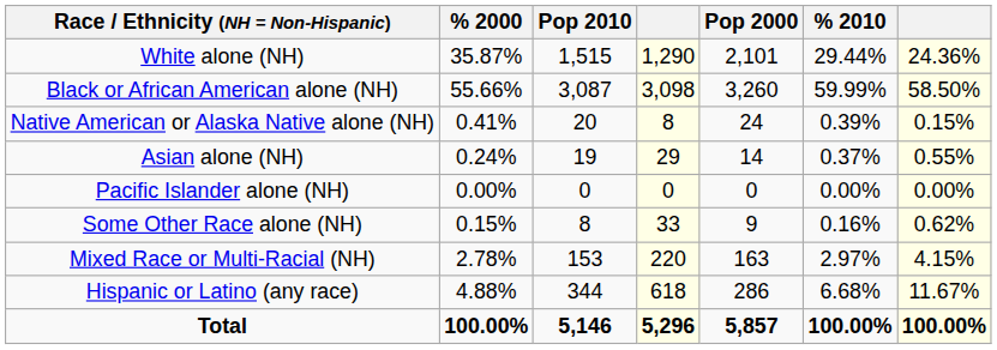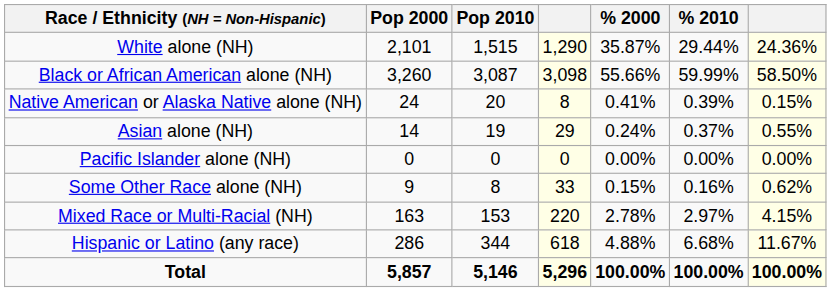 <table class="wikitable" style="text-align:center;">
 <tr>
 <th>Race / Ethnicity <small>(<em>NH = Non-Hispanic</em>)</small></th>
-<th>% 2000</th>
+<th>Pop 2000</th>
 <th>Pop 2010</th>
 <th></th>
-<th>Pop 2000</th>
+<th>% 2000</th>
 <th>% 2010</th>
 <th></th>
 </tr>
 <tr>
 <td><a href='#'>White</a> alone (NH)</td>
-<td>35.87%</td>
+<td>2,101</td>
 <td>1,515</td>
 <td style='background: #ffffe6;'>1,290</td>
-<td>2,101</td>
+<td>35.87%</td>
 <td>29.44%</td>
 <td style='background: #ffffe6;'>24.36%</td>
 </tr>
 <tr>
 <td><a href='#'>Black or African American</a> alone (NH)</td>
-<td>55.66%</td>
+<td>3,260</td>
 <td>3,087</td>
 <td style='background: #ffffe6;'>3,098</td>
-<td>3,260</td>
+<td>55.66%</td>
 <td>59.99%</td>
 <td style='background: #ffffe6;'>58.50%</td>
 </tr>
 <tr>
 <td><a href='#'>Native American</a> or <a href='#'>Alaska Native</a> alone (NH)</td>
-<td>0.41%</td>
+<td>24</td>
 <td>20</td>
 <td style='background: #ffffe6;'>8</td>
-<td>24</td>
+<td>0.41%</td>
 <td>0.39%</td>
 <td style='background: #ffffe6;'>0.15%</td>
 </tr>
 <tr>
 <td><a href='#'>Asian</a> alone (NH)</td>
-<td>0.24%</td>
+<td>14</td>
 <td>19</td>
 <td style='background: #ffffe6;'>29</td>
-<td>14</td>
+<td>0.24%</td>
 <td>0.37%</td>
 <td style='background: #ffffe6;'>0.55%</td>
 </tr>
 <tr>
 <td><a href='#'>Pacific Islander</a> alone (NH)</td>
-<td>0.00%</td>
+<td>0</td>
 <td>0</td>
 <td style='background: #ffffe6;'>0</td>
-<td>0</td>
+<td>0.00%</td>
 <td>0.00%</td>
 <td style='background: #ffffe6;'>0.00%</td>
 </tr>
 <tr>
 <td><a href='#'>Some Other Race</a> alone (NH)</td>
-<td>0.15%</td>
+<td>9</td>
 <td>8</td>
 <td style='background: #ffffe6;'>33</td>
-<td>9</td>
+<td>0.15%</td>
 <td>0.16%</td>
 <td style='background: #ffffe6;'>0.62%</td>
 </tr>
 <tr>
 <td><a href='#'>Mixed Race or Multi-Racial</a> (NH)</td>
-<td>2.78%</td>
+<td>163</td>
 <td>153</td>
 <td style='background: #ffffe6;'>220</td>
-<td>163</td>
+<td>2.78%</td>
 <td>2.97%</td>
 <td style='background: #ffffe6;'>4.15%</td>
 </tr>
 <tr>
 <td><a href='#'>Hispanic or Latino</a> (any race)</td>
-<td>4.88%</td>
+<td>286</td>
 <td>344</td>
 <td style='background: #ffffe6;'>618</td>
-<td>286</td>
+<td>4.88%</td>
 <td>6.68%</td>
 <td style='background: #ffffe6;'>11.67%</td>
 </tr>
 <tr>
 <td><strong>Total</strong></td>
-<td><strong>100.00%</strong></td>
+<td><strong>5,857</strong></td>
 <td><strong>5,146</strong></td>
 <td style='background: #ffffe6;'><strong>5,296</strong></td>
-<td><strong>5,857</strong></td>
+<td><strong>100.00%</strong></td>
 <td><strong>100.00%</strong></td>
 <td style='background: #ffffe6;'><strong>100.00%</strong></td>
 </tr>
 </table>
